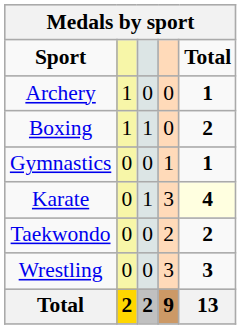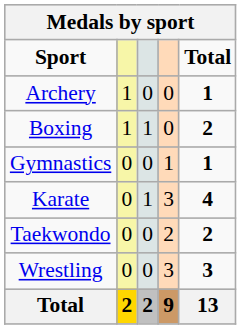 <table class="wikitable" style="font-size:85%">
 <tr style="background:#efefef;">
 <th colspan=7><strong>Medals by sport</strong></th>
 </tr>
 <tr align=center>
 <td><strong>Sport</strong></td>
 <td bgcolor=#f7f6a8></td>
 <td bgcolor=#dce5e5></td>
 <td bgcolor=#ffdab9></td>
 <td><strong>Total</strong></td>
 </tr>
 <tr align=center>
 <td><a href='#'>Archery</a></td>
 <td style="background:#F7F6A8;">1</td>
 <td style="background:#DCE5E5;">0</td>
 <td style="background:#FFDAB9;">0</td>
 <td><strong>1</strong></td>
 </tr>
 <tr align=center>
 <td><a href='#'>Boxing</a></td>
 <td style="background:#F7F6A8;">1</td>
 <td style="background:#DCE5E5;">1</td>
 <td style="background:#FFDAB9;">0</td>
 <td><strong>2</strong></td>
 </tr>
 <tr align=center>
 <td><a href='#'>Gymnastics</a></td>
 <td style="background:#F7F6A8;">0</td>
 <td style="background:#DCE5E5;">0</td>
 <td style="background:#FFDAB9;">1</td>
 <td><strong>1</strong></td>
 </tr>
 <tr align=center>
 <td><a href='#'>Karate</a></td>
 <td style="background:#F7F6A8;">0</td>
 <td style="background:#DCE5E5;">1</td>
 <td style="background:#FFDAB9;">3</td>
-<td style="background: lightyellow;"><strong>4</strong></td>
+<td><strong>4</strong></td>
 </tr>
 <tr align=center>
 <td><a href='#'>Taekwondo</a></td>
 <td style="background:#F7F6A8;">0</td>
 <td style="background:#DCE5E5;">0</td>
 <td style="background:#FFDAB9;">2</td>
 <td><strong>2</strong></td>
 </tr>
 <tr align=center>
 <td><a href='#'>Wrestling</a></td>
 <td style="background:#F7F6A8;">0</td>
 <td style="background:#DCE5E5;">0</td>
 <td style="background:#FFDAB9;">3</td>
 <td><strong>3</strong></td>
 </tr>
 <tr align=center>
 <th><strong>Total</strong></th>
 <th style="background:gold;"><strong>2</strong></th>
 <th style="background:silver;"><strong>2</strong></th>
 <th style="background:#c96;"><strong>9</strong></th>
 <th><strong>13</strong></th>
 </tr>
 </table>
